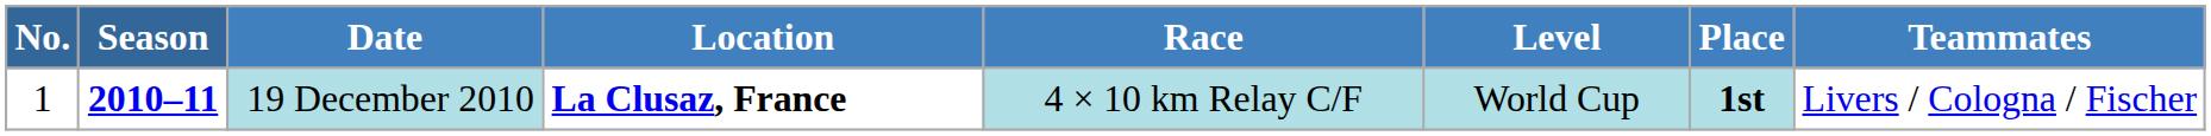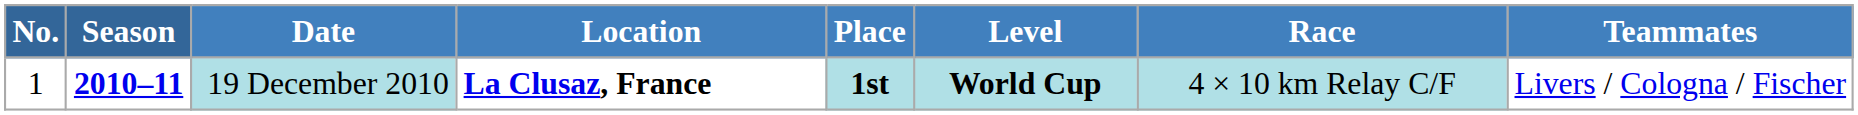 <table class="wikitable sortable" style="font-size:95%; text-align:center; border:grey solid 1px; border-collapse:collapse; background:#ffffff;">
 <tr style="background:#efefef;">
 <th style="background-color:#369; color:white;">No.</th>
 <th style="background-color:#369; color:white;">Season</th>
 <th style="background-color:#4180be; color:white; width:120px;">Date</th>
 <th style="background-color:#4180be; color:white; width:170px;">Location</th>
+<th style="background-color:#4180be; color:white;">Place</th>
+<th style="background-color:#4180be; color:white; width:100px;">Level</th>
 <th style="background-color:#4180be; color:white; width:170px;">Race</th>
-<th style="background-color:#4180be; color:white; width:100px;">Level</th>
-<th style="background-color:#4180be; color:white;">Place</th>
 <th style="background-color:#4180be; color:white;">Teammates</th>
 </tr>
 <tr>
 <td align=center>1</td>
 <td rowspan=1 align=center><strong><a href='#'>2010–11</a></strong></td>
 <td bgcolor="#BOEOE6" align=right>19 December 2010</td>
 <td align=left><strong> <a href='#'>La Clusaz</a>, France</strong></td>
+<td bgcolor="#BOEOE6"><strong>1st</strong></td>
+<td bgcolor="#BOEOE6"><strong>World Cup</strong></td>
 <td bgcolor="#BOEOE6">4 × 10 km Relay C/F</td>
-<td bgcolor="#BOEOE6">World Cup</td>
-<td bgcolor="#BOEOE6"><strong>1st</strong></td>
 <td><a href='#'>Livers</a> / <a href='#'>Cologna</a> / <a href='#'>Fischer</a></td>
 </tr>
 </table>
